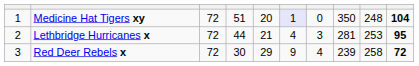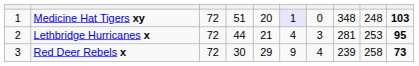 <table class="wikitable sortable">
 <tr>
 <th style="width:2em"></th>
 <th style="width:15em;" class="unsortable"></th>
 <th style="width:2em;"></th>
 <th style="width:2em;"></th>
 <th style="width:2em;"></th>
 <th style="width:2em;"></th>
 <th style="width:2em;"></th>
 <th style="width:2em;"></th>
 <th style="width:2em;"></th>
 <th style="width:2em;"></th>
 </tr>
 <tr style="font-weight: ; text-align: center;">
 <td>1</td>
 <td style="text-align:left;"><a href='#'>Medicine Hat Tigers</a> <strong>xy</strong></td>
 <td>72</td>
 <td>51</td>
 <td>20</td>
 <td style="background: lavender;">1</td>
 <td>0</td>
-<td>350</td>
+<td>348</td>
 <td>248</td>
-<td><strong>104</strong></td>
+<td><strong>103</strong></td>
 </tr>
 <tr style="font-weight: ; text-align: center;">
 <td>2</td>
 <td style="text-align:left;"><a href='#'>Lethbridge Hurricanes</a> <strong>x</strong></td>
 <td>72</td>
 <td>44</td>
 <td>21</td>
 <td>4</td>
 <td>3</td>
 <td>281</td>
 <td>253</td>
 <td><strong>95</strong></td>
 </tr>
 <tr style="font-weight: ; text-align: center;">
 <td>3</td>
 <td style="text-align:left;"><a href='#'>Red Deer Rebels</a> <strong>x</strong></td>
 <td>72</td>
 <td>30</td>
 <td>29</td>
 <td>9</td>
 <td>4</td>
 <td>239</td>
 <td>258</td>
-<td><strong>72</strong></td>
+<td><strong>73</strong></td>
 </tr>
 </table>
